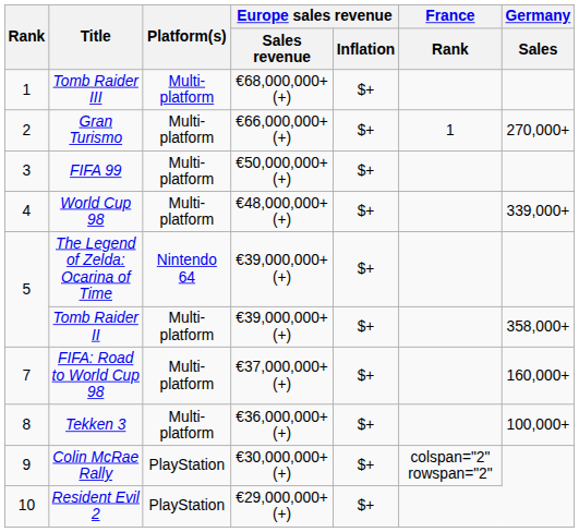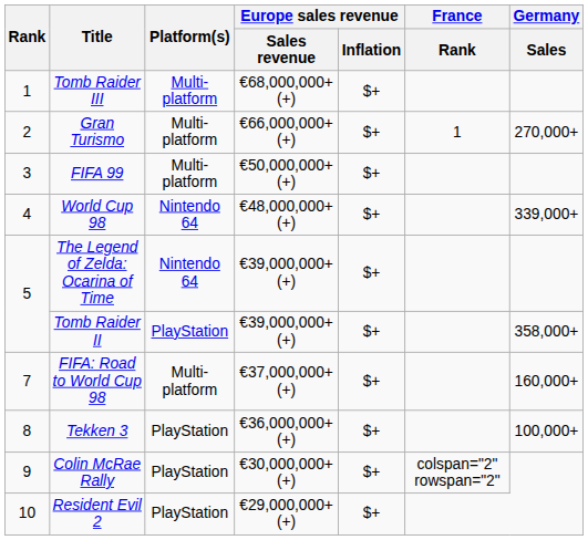 <table class="wikitable sortable" style="text-align:center">
 <tr>
 <th rowspan="2">Rank</th>
 <th rowspan="2">Title</th>
 <th rowspan="2">Platform(s)</th>
 <th colspan="2"><a href='#'>Europe</a> sales revenue</th>
 <th><a href='#'>France</a></th>
 <th><a href='#'>Germany</a></th>
 </tr>
 <tr>
 <th>Sales revenue</th>
 <th>Inflation</th>
 <th>Rank</th>
 <th>Sales</th>
 </tr>
 <tr>
 <td>1</td>
 <td><em><a href='#'>Tomb Raider III</a></em></td>
 <td><a href='#'>Multi-platform</a></td>
 <td>€68,000,000+ (+)</td>
 <td>$+</td>
 <td></td>
 <td></td>
 </tr>
 <tr>
 <td>2</td>
 <td><em><a href='#'>Gran Turismo</a></em></td>
 <td>Multi-platform</td>
 <td>€66,000,000+ (+)</td>
 <td>$+</td>
 <td>1</td>
 <td>270,000+</td>
 </tr>
 <tr>
 <td>3</td>
 <td><em><a href='#'>FIFA 99</a></em></td>
 <td>Multi-platform</td>
 <td>€50,000,000+ (+)</td>
 <td>$+</td>
 <td></td>
 <td></td>
 </tr>
 <tr>
 <td>4</td>
 <td><em><a href='#'>World Cup 98</a></em></td>
-<td>Multi-platform</td>
+<td><a href='#'>Nintendo 64</a></td>
 <td>€48,000,000+ (+)</td>
 <td>$+</td>
 <td></td>
 <td>339,000+</td>
 </tr>
 <tr>
 <td rowspan="2">5</td>
 <td><em><a href='#'>The Legend of Zelda: Ocarina of Time</a></em></td>
 <td><a href='#'>Nintendo 64</a></td>
 <td>€39,000,000+ (+)</td>
 <td>$+</td>
 <td></td>
 <td></td>
 </tr>
 <tr>
 <td><em><a href='#'>Tomb Raider II</a></em></td>
-<td>Multi-platform</td>
+<td><a href='#'>PlayStation</a></td>
 <td>€39,000,000+ (+)</td>
 <td>$+</td>
 <td></td>
 <td>358,000+</td>
 </tr>
 <tr>
 <td>7</td>
 <td><em><a href='#'>FIFA: Road to World Cup 98</a></em></td>
 <td>Multi-platform</td>
 <td>€37,000,000+ (+)</td>
 <td>$+</td>
 <td></td>
 <td>160,000+</td>
 </tr>
 <tr>
 <td>8</td>
 <td><em><a href='#'>Tekken 3</a></em></td>
-<td>Multi-platform</td>
+<td>PlayStation</td>
 <td>€36,000,000+ (+)</td>
 <td>$+</td>
 <td></td>
 <td>100,000+</td>
 </tr>
 <tr>
 <td>9</td>
 <td><em><a href='#'>Colin McRae Rally</a></em></td>
 <td>PlayStation</td>
 <td>€30,000,000+ (+)</td>
 <td>$+</td>
 <td>colspan="2" rowspan="2" </td>
 </tr>
 <tr>
 <td>10</td>
 <td><em><a href='#'>Resident Evil 2</a></em></td>
 <td>PlayStation</td>
 <td>€29,000,000+ (+)</td>
 <td>$+</td>
 </tr>
 </table>
